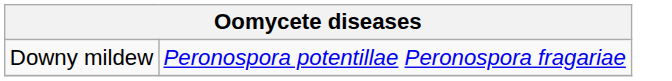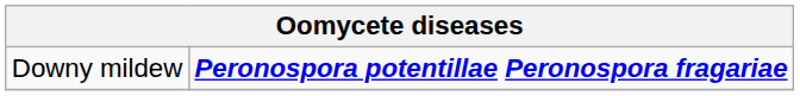 <table class="wikitable" style="clear">
 <tr>
 <th colspan=2><strong>Oomycete diseases</strong><br></th>
 </tr>
 <tr>
 <td>Downy mildew</td>
-<td><em><a href='#'>Peronospora potentillae</a></em>  <em><a href='#'>Peronospora fragariae</a></em><br></td>
+<td><strong><em><a href='#'>Peronospora potentillae</a></em>  <em><a href='#'>Peronospora fragariae</a></em><br></strong></td>
 </tr>
 <tr>
 </tr>
 </table>
